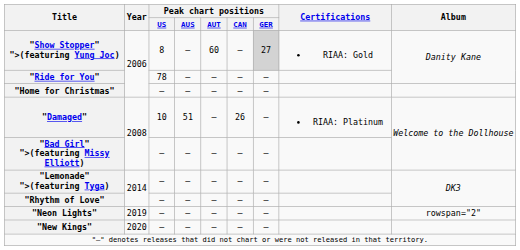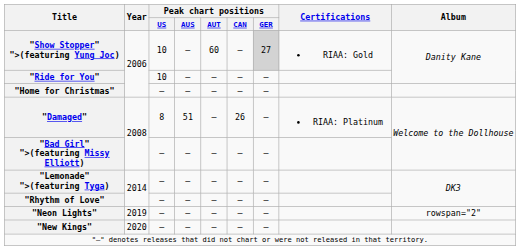 <table class="wikitable plainrowheaders" style="text-align:center;" border="1">
 <tr>
 <th scope="col" rowspan="2" style="width:14em;">Title</th>
 <th scope="col" rowspan="2">Year</th>
 <th scope="col" colspan="5">Peak chart positions</th>
 <th scope="col" rowspan="2" style="width:13em;"><a href='#'>Certifications</a></th>
 <th scope="col" rowspan="2">Album</th>
 </tr>
 <tr>
 <th scope="col" style="width:3em;font-size:90%;"><a href='#'>US</a><br></th>
 <th scope="col" style="width:3em;font-size:90%;"><a href='#'>AUS</a><br></th>
 <th scope="col" style="width:3em;font-size:90%;"><a href='#'>AUT</a><br></th>
 <th scope="col" style="width:3em;font-size:90%;"><a href='#'>CAN</a><br></th>
 <th scope="col" style="width:3em;font-size:90%;"><a href='#'>GER</a><br></th>
 </tr>
 <tr>
 <th scope="row">"<a href='#'>Show Stopper</a>"<br><span>">(featuring <a href='#'>Yung Joc</a>)</span></th>
 <td rowspan="3">2006</td>
-<td>8</td>
+<td>10</td>
 <td>—</td>
 <td>60</td>
 <td>—</td>
 <td style="background: lightgrey;">27</td>
 <td><br><ul><li>RIAA: Gold</li></ul></td>
 <td rowspan="2"><em>Danity Kane</em></td>
 </tr>
 <tr>
 <th scope="row">"<a href='#'>Ride for You</a>"</th>
-<td>78</td>
+<td>10</td>
 <td>—</td>
 <td>—</td>
 <td>—</td>
 <td>—</td>
 <td></td>
 </tr>
 <tr>
 <th scope="row">"Home for Christmas"</th>
 <td>—</td>
 <td>—</td>
 <td>—</td>
 <td>—</td>
 <td>—</td>
 <td></td>
 <td></td>
 </tr>
 <tr>
 <th scope="row">"<a href='#'>Damaged</a>"</th>
 <td rowspan="2">2008</td>
-<td>10</td>
+<td>8</td>
 <td>51</td>
 <td>—</td>
 <td>26</td>
 <td>—</td>
 <td><br><ul><li>RIAA: Platinum</li></ul></td>
 <td rowspan="2"><em>Welcome to the Dollhouse</em></td>
 </tr>
 <tr>
 <th scope="row">"<a href='#'>Bad Girl</a>"<br><span>">(featuring <a href='#'>Missy Elliott</a>)</span></th>
 <td>—</td>
 <td>—</td>
 <td>—</td>
 <td>—</td>
 <td>—</td>
 <td></td>
 </tr>
 <tr>
 <th scope="row">"Lemonade"<br><span>">(featuring <a href='#'>Tyga</a>)</span></th>
 <td rowspan="2">2014</td>
 <td>—</td>
 <td>—</td>
 <td>—</td>
 <td>—</td>
 <td>—</td>
 <td></td>
 <td rowspan="2"><em>DK3</em></td>
 </tr>
 <tr>
 <th scope="row">"Rhythm of Love"</th>
 <td>—</td>
 <td>—</td>
 <td>—</td>
 <td>—</td>
 <td>—</td>
 <td></td>
 </tr>
 <tr>
 <th scope="row">"Neon Lights"</th>
 <td>2019</td>
 <td>—</td>
 <td>—</td>
 <td>—</td>
 <td>—</td>
 <td>—</td>
 <td></td>
 <td>rowspan="2" </td>
 </tr>
 <tr>
 <th scope="row">"New Kings"</th>
 <td>2020</td>
 <td>—</td>
 <td>—</td>
 <td>—</td>
 <td>—</td>
 <td>—</td>
 <td></td>
 </tr>
 <tr>
 <td colspan="13" style="font-size:85%">"—" denotes releases that did not chart or were not released in that territory.</td>
 </tr>
 </table>
